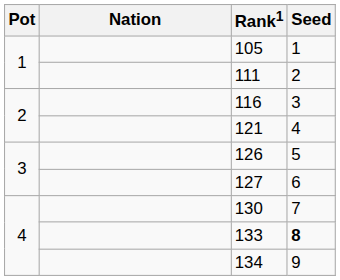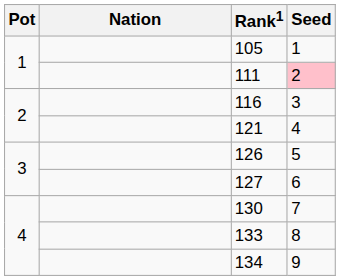 <table class="wikitable">
 <tr>
 <th>Pot</th>
 <th width="175">Nation</th>
 <th>Rank<sup>1</sup></th>
 <th>Seed</th>
 </tr>
 <tr>
 <td rowspan=2 style="text-align:center;">1</td>
 <td></td>
 <td>105</td>
 <td>1</td>
 </tr>
 <tr>
 <td></td>
 <td>111</td>
-<td>2</td>
+<td style="background: pink;">2</td>
 </tr>
 <tr>
 <td rowspan=2 style="text-align:center;">2</td>
 <td></td>
 <td>116</td>
 <td>3</td>
 </tr>
 <tr>
 <td></td>
 <td>121</td>
 <td>4</td>
 </tr>
 <tr>
 <td rowspan=2 style="text-align:center;">3</td>
 <td></td>
 <td>126</td>
 <td>5</td>
 </tr>
 <tr>
 <td></td>
 <td>127</td>
 <td>6</td>
 </tr>
 <tr>
 <td rowspan=3 style="text-align:center;">4</td>
 <td></td>
 <td>130</td>
 <td>7</td>
 </tr>
 <tr>
 <td></td>
 <td>133</td>
-<td><strong>8</strong></td>
+<td>8</td>
 </tr>
 <tr>
 <td></td>
 <td>134</td>
 <td>9</td>
 </tr>
 </table>
